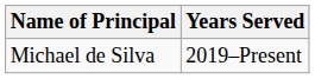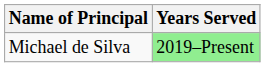 <table class="wikitable">
 <tr>
 <th>Name of Principal</th>
 <th>Years Served</th>
 </tr>
 <tr>
 <td>Michael de Silva</td>
-<td>2019–Present</td>
+<td style="background: lightgreen;">2019–Present</td>
 </tr>
 </table>
